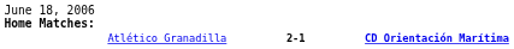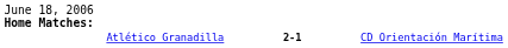 <table width=100% cellspacing=1>
 <tr>
 <th width=20%></th>
 <th width=12%></th>
 <th width=20%></th>
 <th></th>
 </tr>
 <tr>
 <td>June 18, 2006<br><strong>Home Matches:</strong></td>
 </tr>
 <tr style=font-size:90%>
 <td align=right><a href='#'>Atlético Granadilla</a></td>
 <td align=center><strong>2-1</strong></td>
-<td><strong><a href='#'>CD Orientación Marítima</a></strong></td>
+<td><a href='#'>CD Orientación Marítima</a></td>
 </tr>
 </table>
